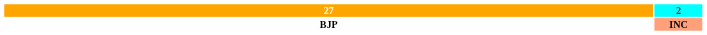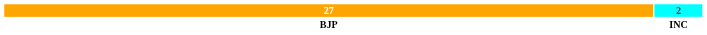 <table style="width:88%; text-align:center;">
 <tr style="color:white;">
 <td style="background:orange; width:93.10%;"><strong>27</strong></td>
 <td style="background:aqua; color:#333; width:6.90%;"><strong>2</strong></td>
 </tr>
 <tr>
 <td><span><strong>BJP</strong></span></td>
-<td style="background: lightsalmon;"><span><strong>INC</strong></span></td>
+<td><span><strong>INC</strong></span></td>
 </tr>
 </table>
